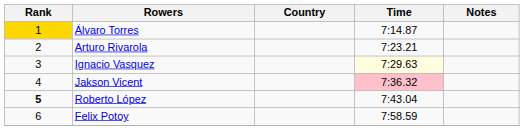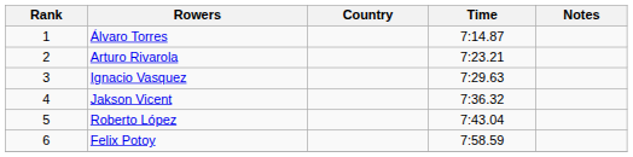 <table class="wikitable" width=60% style="text-align:center">
 <tr>
 <th>Rank</th>
 <th>Rowers</th>
 <th>Country</th>
 <th>Time</th>
 <th>Notes</th>
 </tr>
 <tr>
-<td style="background: gold;">1</td>
+<td>1</td>
 <td align=left><a href='#'>Álvaro Torres</a></td>
 <td align=left></td>
 <td>7:14.87</td>
 <td></td>
 </tr>
 <tr>
 <td>2</td>
 <td align=left><a href='#'>Arturo Rivarola</a></td>
 <td align=left></td>
 <td>7:23.21</td>
 <td></td>
 </tr>
 <tr>
 <td>3</td>
 <td align=left><a href='#'>Ignacio Vasquez</a></td>
 <td align=left></td>
-<td style="background: lightyellow;">7:29.63</td>
+<td>7:29.63</td>
 <td></td>
 </tr>
 <tr>
 <td>4</td>
 <td align=left><a href='#'>Jakson Vicent</a></td>
 <td align=left></td>
-<td style="background: pink;">7:36.32</td>
+<td>7:36.32</td>
 <td></td>
 </tr>
 <tr>
-<td><strong>5</strong></td>
+<td>5</td>
 <td align=left><a href='#'>Roberto López</a></td>
 <td align=left></td>
 <td>7:43.04</td>
 <td></td>
 </tr>
 <tr>
 <td>6</td>
 <td align=left><a href='#'>Felix Potoy</a></td>
 <td align=left></td>
 <td>7:58.59</td>
 <td></td>
 </tr>
 <tr>
 </tr>
 </table>
